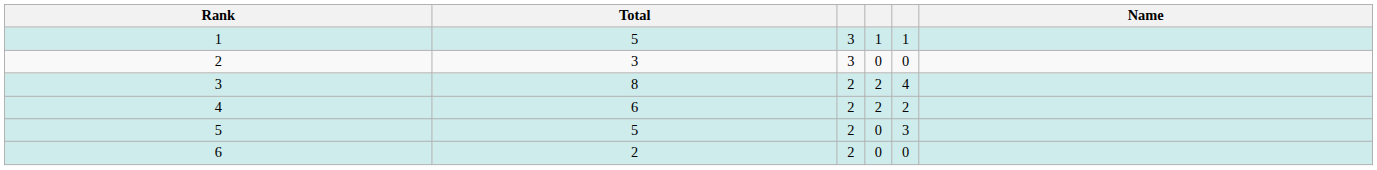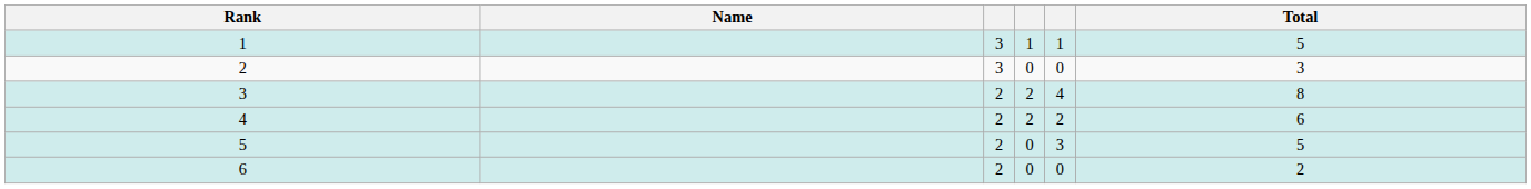 <table class="wikitable" width=96% style="text-align:center">
 <tr>
 <th>Rank</th>
-<th>Total</th>
+<th>Name</th>
 <th style="width:2%;" bgcolor=gold></th>
 <th style="width:2%;" bgcolor=silver></th>
 <th style="width:2%;" bgcolor=cc9966></th>
-<th>Name</th>
+<th>Total</th>
 </tr>
 <tr style="background:#CFECEC">
 <td>1</td>
-<td>5</td>
+<td align=left></td>
 <td>3</td>
 <td>1</td>
 <td>1</td>
-<td align=left></td>
+<td>5</td>
 </tr>
 <tr>
 <td>2</td>
-<td>3</td>
+<td align=left></td>
 <td>3</td>
 <td>0</td>
 <td>0</td>
-<td align=left></td>
+<td>3</td>
 </tr>
 <tr style="background:#CFECEC">
 <td>3</td>
-<td>8</td>
+<td align=left></td>
 <td>2</td>
 <td>2</td>
 <td>4</td>
-<td align=left></td>
+<td>8</td>
 </tr>
 <tr style="background:#CFECEC">
 <td>4</td>
-<td>6</td>
+<td align=left></td>
 <td>2</td>
 <td>2</td>
 <td>2</td>
-<td align=left></td>
+<td>6</td>
 </tr>
 <tr style="background:#CFECEC">
 <td>5</td>
-<td>5</td>
+<td align=left></td>
 <td>2</td>
 <td>0</td>
 <td>3</td>
-<td align=left></td>
+<td>5</td>
 </tr>
 <tr style="background:#CFECEC">
 <td>6</td>
-<td>2</td>
+<td align=left></td>
 <td>2</td>
 <td>0</td>
 <td>0</td>
-<td align=left></td>
+<td>2</td>
 </tr>
 </table>
